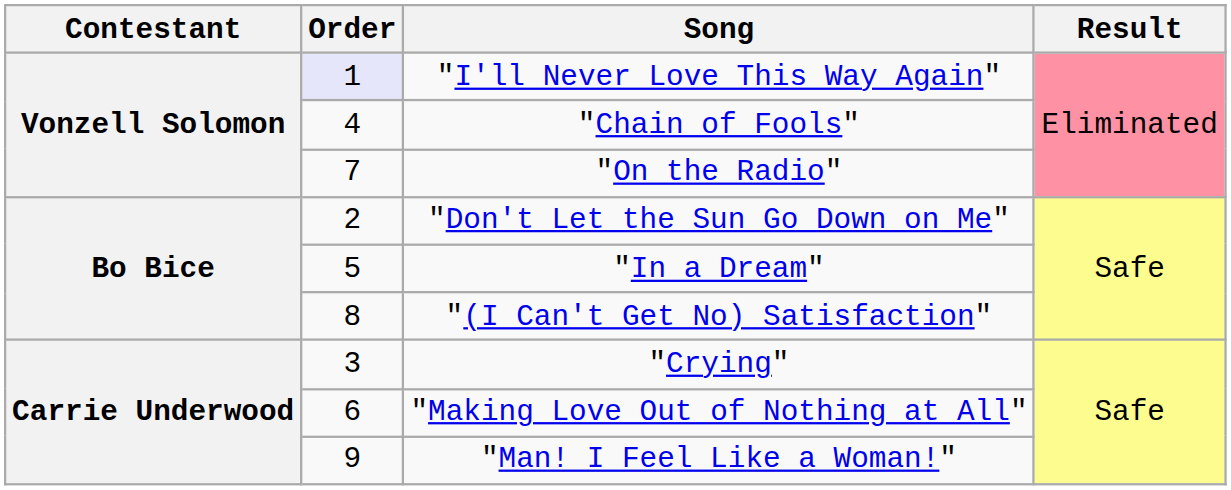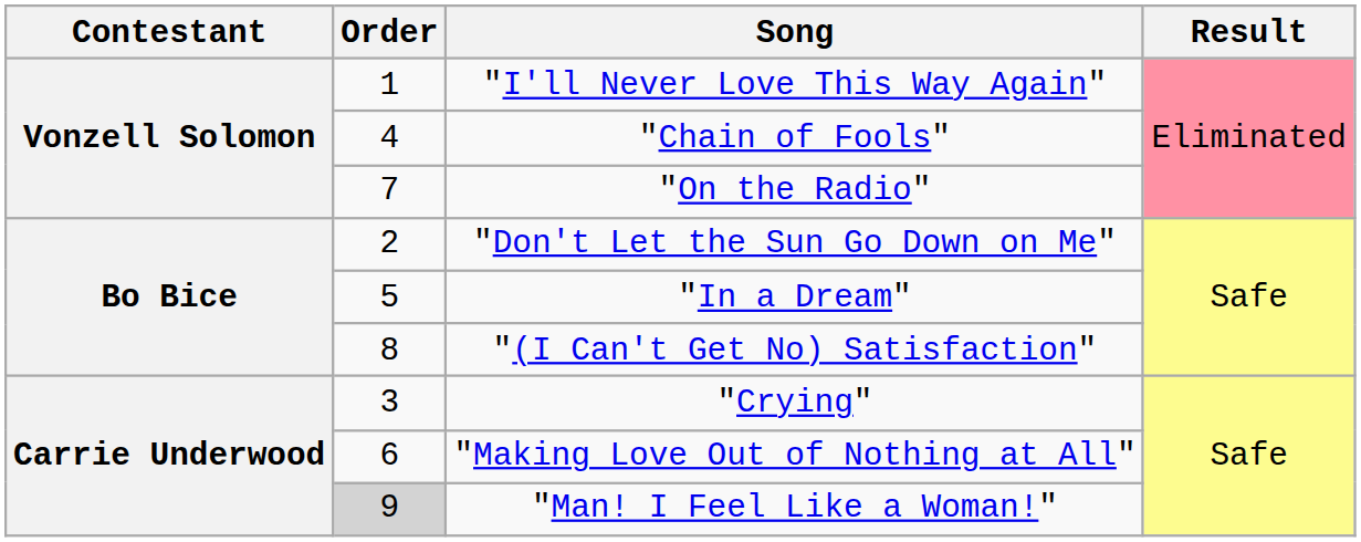 <table class="wikitable unsortable" style="text-align:center;">
 <tr>
 <th scope="col">Contestant</th>
 <th scope="col">Order</th>
 <th scope="col">Song</th>
 <th scope="col">Result</th>
 </tr>
 <tr>
 <th scope="row" rowspan="3">Vonzell Solomon</th>
-<td style="background: lavender;">1</td>
+<td>1</td>
 <td>"<a href='#'>I'll Never Love This Way Again</a>"</td>
 <td rowspan="3" bgcolor="FF91A4">Eliminated</td>
 </tr>
 <tr>
 <td>4</td>
 <td>"<a href='#'>Chain of Fools</a>"</td>
 </tr>
 <tr>
 <td>7</td>
 <td>"<a href='#'>On the Radio</a>"</td>
 </tr>
 <tr>
 <th scope="row" rowspan="3">Bo Bice</th>
 <td>2</td>
 <td>"<a href='#'>Don't Let the Sun Go Down on Me</a>"</td>
 <td rowspan="3" style="background:#FDFC8F;">Safe</td>
 </tr>
 <tr>
 <td>5</td>
 <td>"<a href='#'>In a Dream</a>"</td>
 </tr>
 <tr>
 <td>8</td>
 <td>"<a href='#'>(I Can't Get No) Satisfaction</a>"</td>
 </tr>
 <tr>
 <th scope="row" rowspan="3">Carrie Underwood</th>
 <td>3</td>
 <td>"<a href='#'>Crying</a>"</td>
 <td rowspan="3" style="background:#FDFC8F;">Safe</td>
 </tr>
 <tr>
 <td>6</td>
 <td>"<a href='#'>Making Love Out of Nothing at All</a>"</td>
 </tr>
 <tr>
-<td>9</td>
+<td style="background: lightgrey;">9</td>
 <td>"<a href='#'>Man! I Feel Like a Woman!</a>"</td>
 </tr>
 </table>
